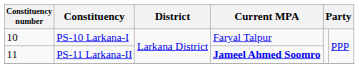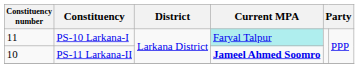 <table class="wikitable">
 <tr>
 <th width="50px" style="font-size:75%">Constituency number</th>
 <th>Constituency</th>
 <th>District</th>
 <th>Current MPA</th>
 <th colspan="2">Party</th>
 </tr>
 <tr>
-<td>10</td>
+<td>11</td>
 <td><a href='#'>PS-10 Larkana-I</a></td>
 <td rowspan="2"><a href='#'>Larkana District</a></td>
-<td><a href='#'>Faryal Talpur</a></td>
+<td style="background: paleturquoise;"><a href='#'>Faryal Talpur</a></td>
 <td rowspan="2"></td>
 <td rowspan="2"><a href='#'>PPP</a></td>
 </tr>
 <tr>
-<td>11</td>
+<td>10</td>
 <td><a href='#'>PS-11 Larkana-II</a></td>
 <td><strong><a href='#'>Jameel Ahmed Soomro</a></strong></td>
 </tr>
 <tr>
 </tr>
 </table>
